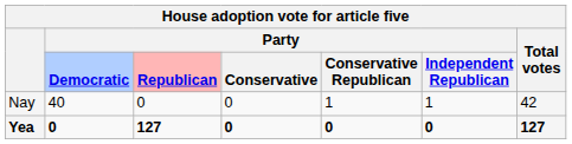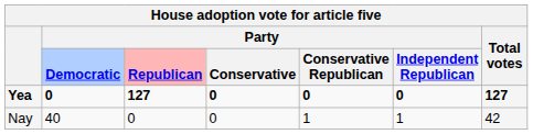 <table class="wikitable">
 <tr>
 <th colspan=7>House adoption vote for article five</th>
 </tr>
 <tr>
 <th rowspan=2></th>
 <th colspan=5>Party</th>
 <th rowspan=2>Total votes</th>
 </tr>
 <tr style="vertical-align:bottom;">
 <th style="background:#b0ceff;"><a href='#'>Democratic</a></th>
 <th style="background:#ffb6b6;"><a href='#'>Republican</a></th>
 <th>Conservative</th>
 <th>Conservative Republican</th>
 <th><a href='#'>Independent Republican</a></th>
 </tr>
 <tr>
+<td style="width: 10em; background:#F5F5F5"><strong>Yea</strong></td>
+<td style="width: 7em;"><strong>0</strong></td>
+<td style="width: 7em;"><strong>127</strong></td>
+<td style="width: 7em;"><strong>0</strong></td>
+<td style="width: 7em;"><strong>0</strong></td>
+<td style="width: 7em;"><strong>0</strong></td>
+<td style="width: 7em; background:#F5F5F5"><strong>127</strong></td>
+</tr>
+<tr>
 <td style="background:#F5F5F5">Nay</td>
 <td>40</td>
 <td>0</td>
 <td>0</td>
 <td>1</td>
 <td>1</td>
 <td style="background:#F5F5F5">42</td>
 </tr>
-<tr>
-<td style="width: 10em; background:#F5F5F5"><strong>Yea</strong></td>
-<td style="width: 7em;"><strong>0</strong></td>
-<td style="width: 7em;"><strong>127</strong></td>
-<td style="width: 7em;"><strong>0</strong></td>
-<td style="width: 7em;"><strong>0</strong></td>
-<td style="width: 7em;"><strong>0</strong></td>
-<td style="width: 7em; background:#F5F5F5"><strong>127</strong></td>
-</tr>
 </table>
